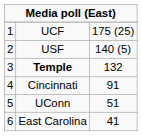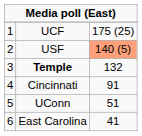 <table class="wikitable">
 <tr align="center">
 <td align="center" Colspan="3"><strong>Media poll (East)</strong></td>
 </tr>
 <tr align="center">
 </tr>
 <tr align="center">
 <td>1</td>
 <td>UCF</td>
 <td>175 (25)</td>
 </tr>
 <tr align="center">
 <td>2</td>
 <td>USF</td>
-<td>140 (5)</td>
+<td style="background: lightsalmon;">140 (5)</td>
 </tr>
 <tr align="center">
 <td>3</td>
 <td><strong>Temple</strong></td>
 <td>132</td>
 </tr>
 <tr align="center">
 <td>4</td>
 <td>Cincinnati</td>
 <td>91</td>
 </tr>
 <tr align="center">
 <td>5</td>
 <td>UConn</td>
 <td>51</td>
 </tr>
 <tr align="center">
 <td>6</td>
 <td>East Carolina</td>
 <td>41</td>
 </tr>
 </table>
